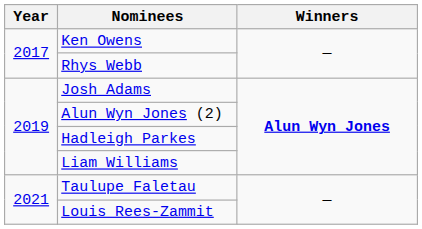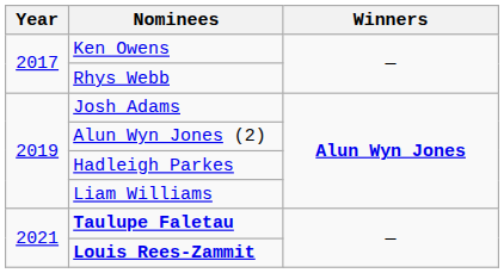 <table class="wikitable">
 <tr>
 <th width=40>Year</th>
 <th width=150>Nominees</th>
 <th width=150>Winners</th>
 </tr>
 <tr>
 <td align=center rowspan=2><a href='#'>2017</a></td>
 <td><a href='#'>Ken Owens</a></td>
 <td align=center rowspan=2>—</td>
 </tr>
 <tr>
 <td><a href='#'>Rhys Webb</a></td>
 </tr>
 <tr>
 <td align=center rowspan=4><a href='#'>2019</a></td>
 <td><a href='#'>Josh Adams</a></td>
 <td align=center rowspan=4><strong><a href='#'>Alun Wyn Jones</a></strong></td>
 </tr>
 <tr>
 <td><a href='#'>Alun Wyn Jones</a> (2)</td>
 </tr>
 <tr>
 <td><a href='#'>Hadleigh Parkes</a></td>
 </tr>
 <tr>
 <td><a href='#'>Liam Williams</a></td>
 </tr>
 <tr>
 <td align=center rowspan=2><a href='#'>2021</a></td>
-<td><a href='#'>Taulupe Faletau</a></td>
+<td><strong><a href='#'>Taulupe Faletau</a></strong></td>
 <td align=center rowspan=2>—</td>
 </tr>
 <tr>
-<td><a href='#'>Louis Rees-Zammit</a></td>
+<td><strong><a href='#'>Louis Rees-Zammit</a></strong></td>
 </tr>
 </table>
